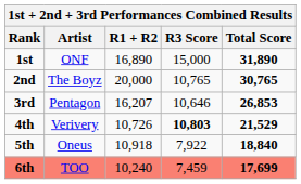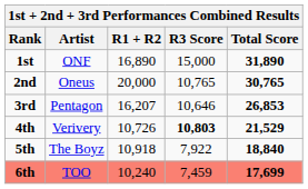 <table Class ="wikitable sortable" style="text-align:center">
 <tr>
 <th colspan="5">1st + 2nd + 3rd Performances Combined Results</th>
 </tr>
 <tr>
 <th>Rank</th>
 <th>Artist</th>
 <th>R1 + R2<br></th>
 <th>R3 Score<br></th>
 <th>Total Score<br></th>
 </tr>
 <tr>
 <td><strong>1st</strong></td>
 <td><a href='#'>ONF</a></td>
 <td>16,890</td>
 <td>15,000</td>
 <td><strong>31,890</strong></td>
 </tr>
 <tr>
 <td><strong>2nd</strong></td>
-<td><a href='#'>The Boyz</a></td>
+<td><a href='#'>Oneus</a></td>
 <td>20,000</td>
 <td>10,765</td>
 <td><strong>30,765</strong></td>
 </tr>
 <tr>
 <td><strong>3rd</strong></td>
 <td><a href='#'>Pentagon</a></td>
 <td>16,207</td>
 <td>10,646</td>
 <td><strong>26,853</strong></td>
 </tr>
 <tr>
 <td><strong>4th</strong></td>
 <td><a href='#'>Verivery</a></td>
 <td>10,726</td>
 <td><strong>10,803</strong></td>
 <td><strong>21,529</strong></td>
 </tr>
 <tr>
 <td><strong>5th</strong></td>
-<td><a href='#'>Oneus</a></td>
+<td><a href='#'>The Boyz</a></td>
 <td>10,918</td>
 <td>7,922</td>
 <td><strong>18,840</strong></td>
 </tr>
 <tr>
 <td style="background:#FA8072"><strong>6th</strong></td>
 <td style="background:#FA8072"><a href='#'>TOO</a></td>
 <td style="background:#FA8072">10,240</td>
 <td style="background:#FA8072">7,459</td>
 <td style="background:#FA8072"><strong>17,699</strong></td>
 </tr>
 </table>
